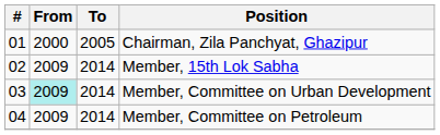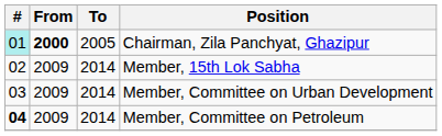 <table class="wikitable sortable">
 <tr>
 <th>#</th>
 <th>From</th>
 <th>To</th>
 <th>Position</th>
 </tr>
 <tr>
-<td>01</td>
-<td>2000</td>
+<td style="background: paleturquoise;">01</td>
+<td><strong>2000</strong></td>
 <td>2005</td>
 <td>Chairman, Zila Panchyat, <a href='#'>Ghazipur</a></td>
 </tr>
 <tr>
 <td>02</td>
 <td>2009</td>
 <td>2014</td>
 <td>Member, <a href='#'>15th Lok Sabha</a></td>
 </tr>
 <tr>
 <td>03</td>
-<td style="background: paleturquoise;">2009</td>
+<td>2009</td>
 <td>2014</td>
 <td>Member, Committee on Urban Development</td>
 </tr>
 <tr>
-<td>04</td>
+<td><strong>04</strong></td>
 <td>2009</td>
 <td>2014</td>
 <td>Member, Committee on Petroleum</td>
 </tr>
 <tr>
 </tr>
 </table>
